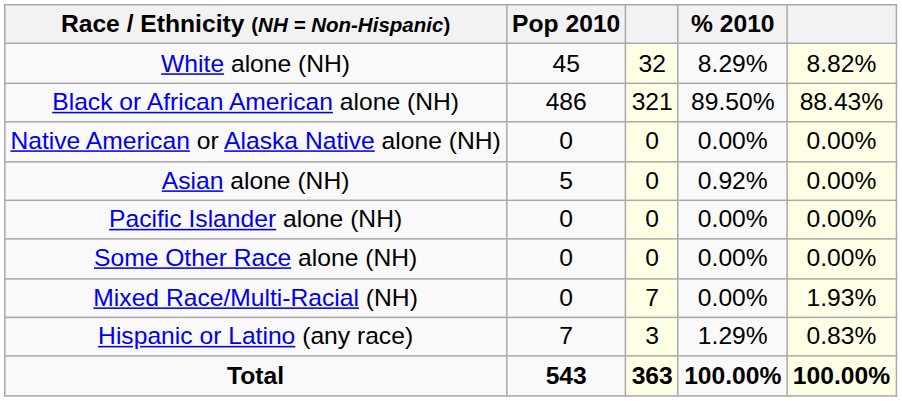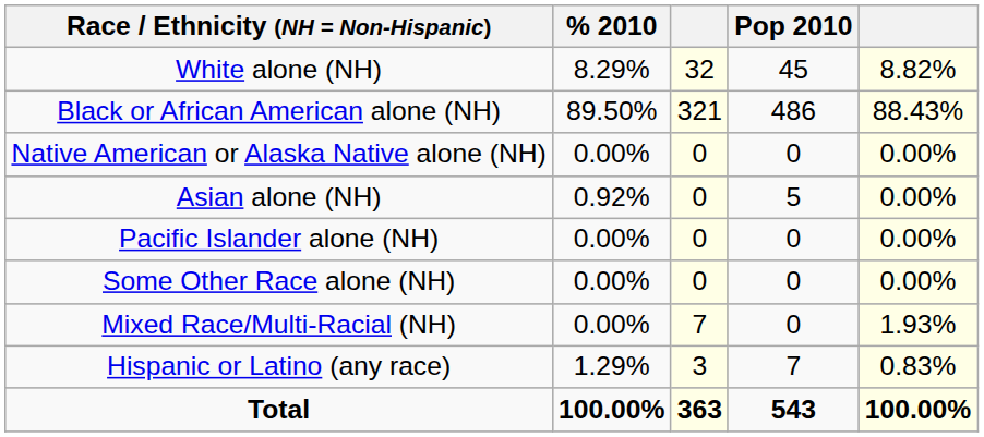 <table class="wikitable" style="text-align:center;">
 <tr>
 <th>Race / Ethnicity <small>(<em>NH = Non-Hispanic</em>)</small></th>
+<th>% 2010</th>
+<th></th>
 <th>Pop 2010</th>
-<th></th>
-<th>% 2010</th>
 <th></th>
 </tr>
 <tr>
 <td><a href='#'>White</a> alone (NH)</td>
+<td>8.29%</td>
+<td style='background: #ffffe6;'>32</td>
 <td>45</td>
-<td style='background: #ffffe6;'>32</td>
-<td>8.29%</td>
 <td style='background: #ffffe6;'>8.82%</td>
 </tr>
 <tr>
 <td><a href='#'>Black or African American</a> alone (NH)</td>
+<td>89.50%</td>
+<td style='background: #ffffe6;'>321</td>
 <td>486</td>
-<td style='background: #ffffe6;'>321</td>
-<td>89.50%</td>
 <td style='background: #ffffe6;'>88.43%</td>
 </tr>
 <tr>
 <td><a href='#'>Native American</a> or <a href='#'>Alaska Native</a> alone (NH)</td>
+<td>0.00%</td>
+<td style='background: #ffffe6;'>0</td>
 <td>0</td>
-<td style='background: #ffffe6;'>0</td>
-<td>0.00%</td>
 <td style='background: #ffffe6;'>0.00%</td>
 </tr>
 <tr>
 <td><a href='#'>Asian</a> alone (NH)</td>
+<td>0.92%</td>
+<td style='background: #ffffe6;'>0</td>
 <td>5</td>
-<td style='background: #ffffe6;'>0</td>
-<td>0.92%</td>
 <td style='background: #ffffe6;'>0.00%</td>
 </tr>
 <tr>
 <td><a href='#'>Pacific Islander</a> alone (NH)</td>
+<td>0.00%</td>
+<td style='background: #ffffe6;'>0</td>
 <td>0</td>
-<td style='background: #ffffe6;'>0</td>
-<td>0.00%</td>
 <td style='background: #ffffe6;'>0.00%</td>
 </tr>
 <tr>
 <td><a href='#'>Some Other Race</a> alone (NH)</td>
+<td>0.00%</td>
+<td style='background: #ffffe6;'>0</td>
 <td>0</td>
-<td style='background: #ffffe6;'>0</td>
-<td>0.00%</td>
 <td style='background: #ffffe6;'>0.00%</td>
 </tr>
 <tr>
 <td><a href='#'>Mixed Race/Multi-Racial</a> (NH)</td>
+<td>0.00%</td>
+<td style='background: #ffffe6;'>7</td>
 <td>0</td>
-<td style='background: #ffffe6;'>7</td>
-<td>0.00%</td>
 <td style='background: #ffffe6;'>1.93%</td>
 </tr>
 <tr>
 <td><a href='#'>Hispanic or Latino</a> (any race)</td>
+<td>1.29%</td>
+<td style='background: #ffffe6;'>3</td>
 <td>7</td>
-<td style='background: #ffffe6;'>3</td>
-<td>1.29%</td>
 <td style='background: #ffffe6;'>0.83%</td>
 </tr>
 <tr>
 <td><strong>Total</strong></td>
+<td><strong>100.00%</strong></td>
+<td style='background: #ffffe6;'><strong>363</strong></td>
 <td><strong>543</strong></td>
-<td style='background: #ffffe6;'><strong>363</strong></td>
-<td><strong>100.00%</strong></td>
 <td style='background: #ffffe6;'><strong>100.00%</strong></td>
 </tr>
 </table>
